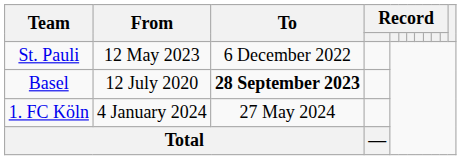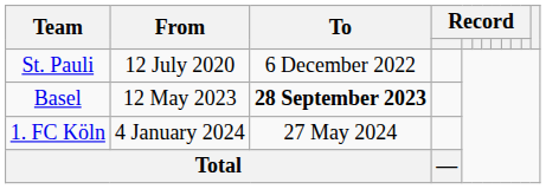 <table class="wikitable" style="text-align: center">
 <tr>
 <th rowspan="2">Team</th>
 <th rowspan="2">From</th>
 <th rowspan="2">To</th>
 <th colspan="8">Record</th>
 <th rowspan=2></th>
 </tr>
 <tr>
 <th></th>
 <th></th>
 <th></th>
 <th></th>
 <th></th>
 <th></th>
 <th></th>
 <th></th>
 </tr>
 <tr>
 <td><a href='#'>St. Pauli</a></td>
-<td>12 May 2023</td>
+<td>12 July 2020</td>
 <td>6 December 2022<br></td>
 <td></td>
 </tr>
 <tr>
 <td><a href='#'>Basel</a></td>
-<td>12 July 2020</td>
+<td>12 May 2023</td>
 <td><strong>28 September 2023<br></strong></td>
 <td></td>
 </tr>
 <tr>
 <td><a href='#'>1. FC Köln</a></td>
 <td>4 January 2024</td>
 <td>27 May 2024<br></td>
 <td></td>
 </tr>
 <tr>
 <th colspan="3">Total<br></th>
 <th>—</th>
 </tr>
 </table>
